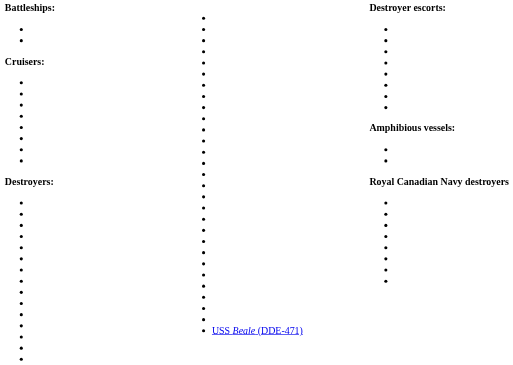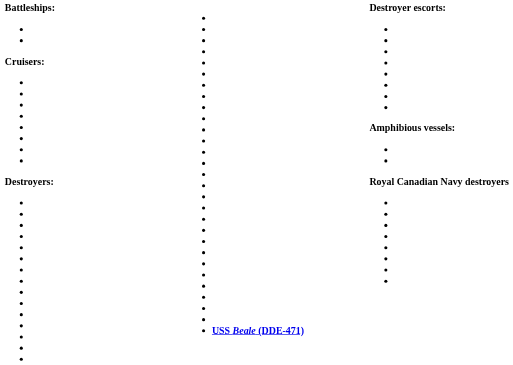 <table width="100%">
 <tr>
 <th colspan=3></th>
 </tr>
 <tr>
 <td width="33%" valign="top"><br><strong>Battleships:</strong><ul><li></li><li></li></ul><strong>Cruisers:</strong><ul><li></li><li></li><li></li><li></li><li></li><li></li><li></li><li></li></ul><strong>Destroyers:</strong><ul><li></li><li></li><li></li><li></li><li></li><li></li><li></li><li></li><li></li><li></li><li></li><li></li><li></li><li></li><li></li></ul></td>
-<td width="33%" valign="top"><br><ul><li></li><li></li><li></li><li></li><li></li><li></li><li></li><li></li><li></li><li></li><li></li><li></li><li></li><li></li><li></li><li></li><li></li><li></li><li></li><li></li><li></li><li></li><li></li><li></li><li></li><li></li><li></li><li></li><li><a href='#'>USS <em>Beale</em> (DDE-471)</a></li></ul></td>
+<td width="33%" valign="top"><strong><br><ul><li></li><li></li><li></li><li></li><li></li><li></li><li></li><li></li><li></li><li></li><li></li><li></li><li></li><li></li><li></li><li></li><li></li><li></li><li></li><li></li><li></li><li></li><li></li><li></li><li></li><li></li><li></li><li></li><li><a href='#'>USS <em>Beale</em> (DDE-471)</a></li></ul></strong></td>
 <td width="33%" valign="top"><br><strong>Destroyer escorts:</strong><ul><li></li><li></li><li></li><li></li><li></li><li></li><li></li><li></li></ul><strong>Amphibious vessels:</strong><ul><li></li><li></li></ul><strong>Royal Canadian Navy destroyers</strong><ul><li></li><li></li><li></li><li></li><li></li><li></li><li></li><li></li></ul></td>
 </tr>
 </table>
